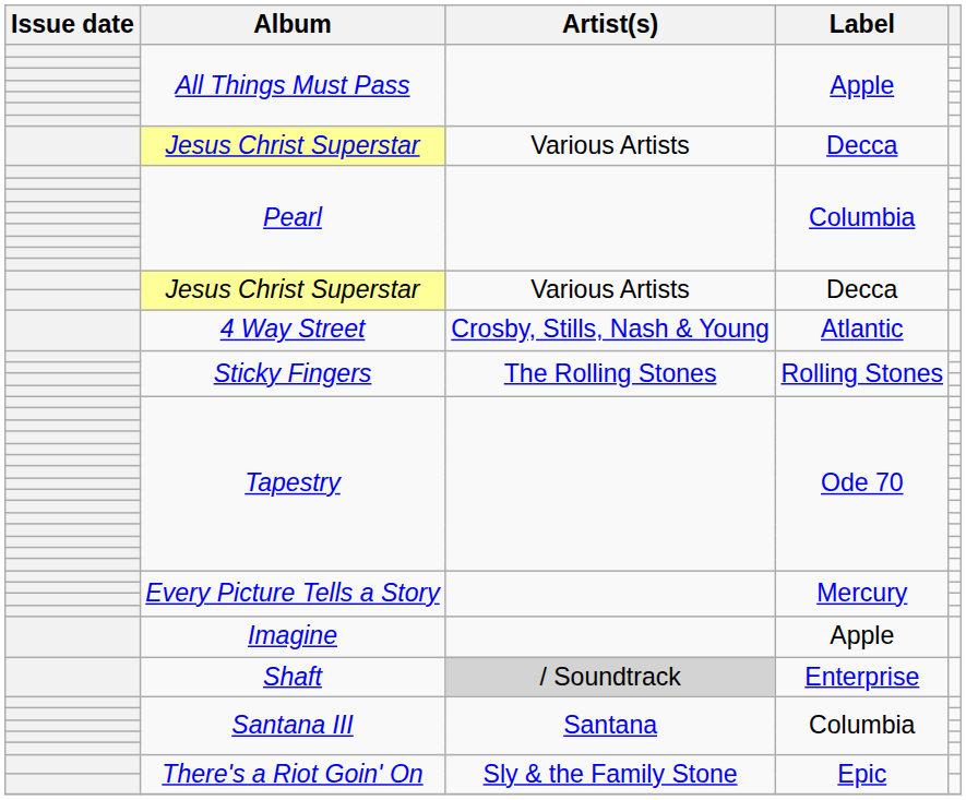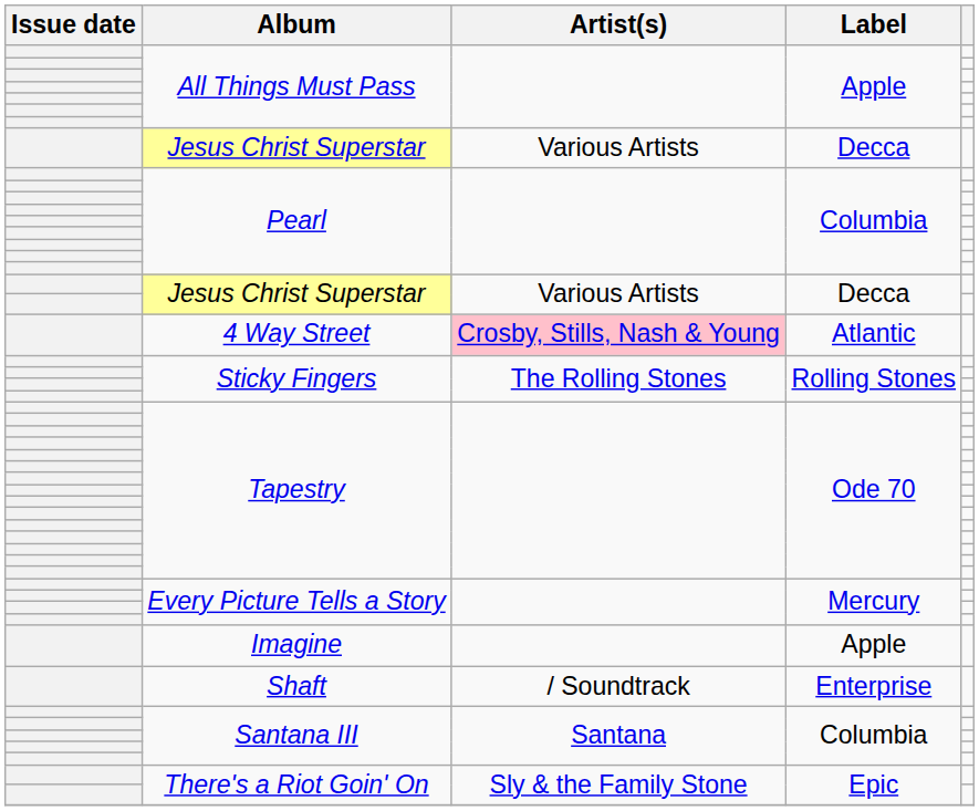 <table class="wikitable sortable plainrowheaders" style="text-align: center">
 <tr>
 <th scope=col>Issue date</th>
 <th scope=col>Album</th>
 <th scope=col>Artist(s)</th>
 <th scope=col>Label</th>
 <th scope=col class="unsortable"></th>
 </tr>
 <tr>
 <th scope="row"></th>
 <td rowspan=7><em><a href='#'>All Things Must Pass</a></em></td>
 <td rowspan=7></td>
 <td rowspan=7><a href='#'>Apple</a></td>
 <td align="center"></td>
 </tr>
 <tr>
 <th scope="row"></th>
 <td align="center"></td>
 </tr>
 <tr>
 <th scope="row"></th>
 <td align="center"></td>
 </tr>
 <tr>
 <th scope="row"></th>
 <td align="center"></td>
 </tr>
 <tr>
 <th scope="row"></th>
 <td align="center"></td>
 </tr>
 <tr>
 <th scope="row"></th>
 <td align="center"></td>
 </tr>
 <tr>
 <th scope="row"></th>
 <td align="center"></td>
 </tr>
 <tr>
 <th scope="row"></th>
 <td bgcolor=#FFFF99><em><a href='#'>Jesus Christ Superstar</a></em> </td>
 <td>Various Artists</td>
 <td><a href='#'>Decca</a></td>
 <td align="center"></td>
 </tr>
 <tr>
 <th scope="row"></th>
 <td rowspan=9><em><a href='#'>Pearl</a></em></td>
 <td rowspan=9></td>
 <td rowspan=9><a href='#'>Columbia</a></td>
 <td align="center"></td>
 </tr>
 <tr>
 <th scope="row"></th>
 <td align="center"></td>
 </tr>
 <tr>
 <th scope="row"></th>
 <td align="center"></td>
 </tr>
 <tr>
 <th scope="row"></th>
 <td align="center"></td>
 </tr>
 <tr>
 <th scope="row"></th>
 <td align="center"></td>
 </tr>
 <tr>
 <th scope="row"></th>
 <td align="center"></td>
 </tr>
 <tr>
 <th scope="row"></th>
 <td align="center"></td>
 </tr>
 <tr>
 <th scope="row"></th>
 <td align="center"></td>
 </tr>
 <tr>
 <th scope="row"></th>
 <td align="center"></td>
 </tr>
 <tr>
 <th scope="row"></th>
 <td bgcolor=#FFFF99 rowspan=2><em>Jesus Christ Superstar</em> </td>
 <td rowspan=2>Various Artists</td>
 <td rowspan=2>Decca</td>
 <td align="center"></td>
 </tr>
 <tr>
 <th scope="row"></th>
 <td align="center"></td>
 </tr>
 <tr>
 <th scope="row"></th>
 <td><em><a href='#'>4 Way Street</a></em></td>
-<td><a href='#'>Crosby, Stills, Nash & Young</a></td>
+<td style="background: pink;"><a href='#'>Crosby, Stills, Nash & Young</a></td>
 <td><a href='#'>Atlantic</a></td>
 <td align="center"></td>
 </tr>
 <tr>
 <th scope="row"></th>
 <td rowspan=4><em><a href='#'>Sticky Fingers</a></em></td>
 <td rowspan=4 data-sort-value="Rolling Stones, The"><a href='#'>The Rolling Stones</a></td>
 <td rowspan=4><a href='#'>Rolling Stones</a></td>
 <td align="center"></td>
 </tr>
 <tr>
 <th scope="row"></th>
 <td align="center"></td>
 </tr>
 <tr>
 <th scope="row"></th>
 <td align="center"></td>
 </tr>
 <tr>
 <th scope="row"></th>
 <td align="center"></td>
 </tr>
 <tr>
 <th scope="row"></th>
 <td rowspan=15><em><a href='#'>Tapestry</a></em></td>
 <td rowspan=15></td>
 <td rowspan=15><a href='#'>Ode 70</a></td>
 <td align="center"></td>
 </tr>
 <tr>
 <th scope="row"></th>
 <td align="center"></td>
 </tr>
 <tr>
 <th scope="row"></th>
 <td align="center"></td>
 </tr>
 <tr>
 <th scope="row"></th>
 <td align="center"></td>
 </tr>
 <tr>
 <th scope="row"></th>
 <td align="center"></td>
 </tr>
 <tr>
 <th scope="row"></th>
 <td align="center"></td>
 </tr>
 <tr>
 <th scope="row"></th>
 <td align="center"></td>
 </tr>
 <tr>
 <th scope="row"></th>
 <td align="center"></td>
 </tr>
 <tr>
 <th scope="row"></th>
 <td align="center"></td>
 </tr>
 <tr>
 <th scope="row"></th>
 <td align="center"></td>
 </tr>
 <tr>
 <th scope="row"></th>
 <td align="center"></td>
 </tr>
 <tr>
 <th scope="row"></th>
 <td align="center"></td>
 </tr>
 <tr>
 <th scope="row"></th>
 <td align="center"></td>
 </tr>
 <tr>
 <th scope="row"></th>
 <td align="center"></td>
 </tr>
 <tr>
 <th scope="row"></th>
 <td align="center"></td>
 </tr>
 <tr>
 <th scope="row"></th>
 <td rowspan=4><em><a href='#'>Every Picture Tells a Story</a></em></td>
 <td rowspan=4></td>
 <td rowspan=4><a href='#'>Mercury</a></td>
 <td align="center"></td>
 </tr>
 <tr>
 <th scope="row"></th>
 <td align="center"></td>
 </tr>
 <tr>
 <th scope="row"></th>
 <td align="center"></td>
 </tr>
 <tr>
 <th scope="row"></th>
 <td align="center"></td>
 </tr>
 <tr>
 <th scope="row"></th>
 <td><em><a href='#'>Imagine</a></em></td>
 <td></td>
 <td>Apple</td>
 <td align="center"></td>
 </tr>
 <tr>
 <th scope="row"></th>
 <td><em><a href='#'>Shaft</a></em></td>
-<td style="background: lightgrey;"> / Soundtrack</td>
+<td> / Soundtrack</td>
 <td><a href='#'>Enterprise</a></td>
 <td align="center"></td>
 </tr>
 <tr>
 <th scope="row"></th>
 <td rowspan=5><em><a href='#'>Santana III</a></em></td>
 <td rowspan=5><a href='#'>Santana</a></td>
 <td rowspan=5>Columbia</td>
 <td align="center"></td>
 </tr>
 <tr>
 <th scope="row"></th>
 <td align="center"></td>
 </tr>
 <tr>
 <th scope="row"></th>
 <td align="center"></td>
 </tr>
 <tr>
 <th scope="row"></th>
 <td align="center"></td>
 </tr>
 <tr>
 <th scope="row"></th>
 <td align="center"></td>
 </tr>
 <tr>
 <th scope="row"></th>
 <td rowspan=2><em><a href='#'>There's a Riot Goin' On</a></em></td>
 <td rowspan=2><a href='#'>Sly & the Family Stone</a></td>
 <td rowspan=2><a href='#'>Epic</a></td>
 <td align="center"></td>
 </tr>
 <tr>
 <th scope="row"></th>
 <td align="center"></td>
 </tr>
 <tr>
 </tr>
 </table>
